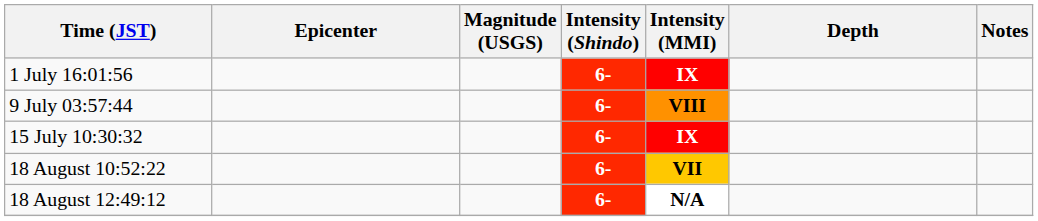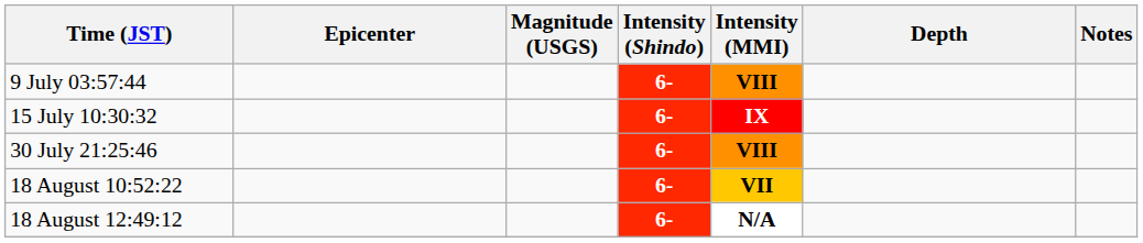 <table class="wikitable">
 <tr>
 <th style="width: 10em;">Time (<a href='#'>JST</a>)</th>
 <th style="width: 12em;">Epicenter</th>
 <th>Magnitude<br>(USGS)</th>
 <th>Intensity<br>(<em>Shindo</em>)</th>
 <th>Intensity<br>(MMI)</th>
 <th style="width: 12em;">Depth</th>
 <th>Notes</th>
-</tr>
-<tr>
-<td>1 July 16:01:56</td>
-<td></td>
-<td></td>
-<th style="background:#ff2800; color:white;">6-</th>
-<th style="background:#ff0000; color:white;">IX</th>
-<td></td>
-<td></td>
 </tr>
 <tr>
 <td>9 July 03:57:44</td>
 <td></td>
 <td></td>
 <th style="background:#ff2800; color:white;">6-</th>
 <th style="background:#ff9100;">VIII</th>
 <td></td>
 <td></td>
 </tr>
 <tr>
 <td>15 July 10:30:32</td>
 <td></td>
 <td></td>
 <th style="background:#ff2800; color:white;">6-</th>
 <th style="background:#ff0000; color:white;">IX</th>
+<td></td>
+<td></td>
+</tr>
+<tr>
+<td>30 July 21:25:46</td>
+<td></td>
+<td></td>
+<th style="background:#ff2800; color:white;">6-</th>
+<th style="background:#ff9100;">VIII</th>
 <td></td>
 <td></td>
 </tr>
 <tr>
 <td>18 August 10:52:22</td>
 <td></td>
 <td></td>
 <th style="background:#ff2800; color:white;">6-</th>
 <th style="background:#ffc800;">VII</th>
 <td></td>
 <td></td>
 </tr>
 <tr>
 <td>18 August 12:49:12</td>
 <td></td>
 <td></td>
 <th style="background:#ff2800; color:white;">6-</th>
 <th style="background:#ffffff;">N/A</th>
 <td></td>
 <td></td>
 </tr>
 <tr>
 </tr>
 </table>
